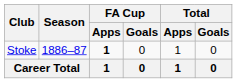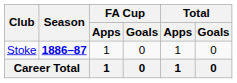 <table class="wikitable" style="text-align: center;">
 <tr>
 <th rowspan="2">Club</th>
 <th rowspan="2">Season</th>
 <th colspan="2">FA Cup</th>
 <th colspan="2">Total</th>
 </tr>
 <tr>
 <th>Apps</th>
 <th>Goals</th>
 <th>Apps</th>
 <th>Goals</th>
 </tr>
 <tr>
 <td><a href='#'>Stoke</a></td>
-<td><a href='#'>1886–87</a></td>
-<td><strong>1</strong></td>
+<td><strong><a href='#'>1886–87</a></strong></td>
+<td>1</td>
 <td>0</td>
 <td>1</td>
 <td>0</td>
 </tr>
 <tr>
 <th colspan="2">Career Total</th>
 <th>1</th>
 <th>0</th>
 <th>1</th>
 <th>0</th>
 </tr>
 </table>
